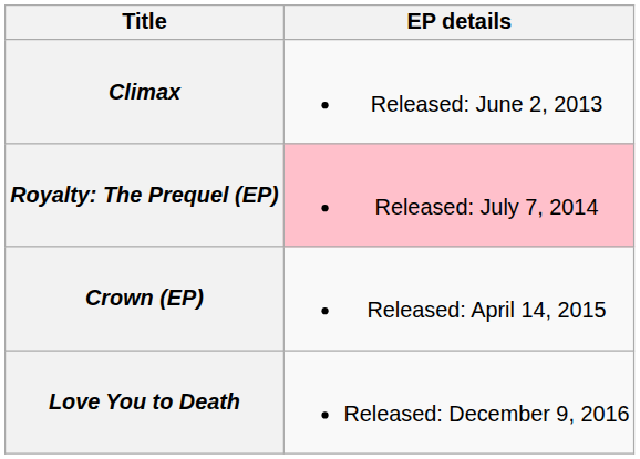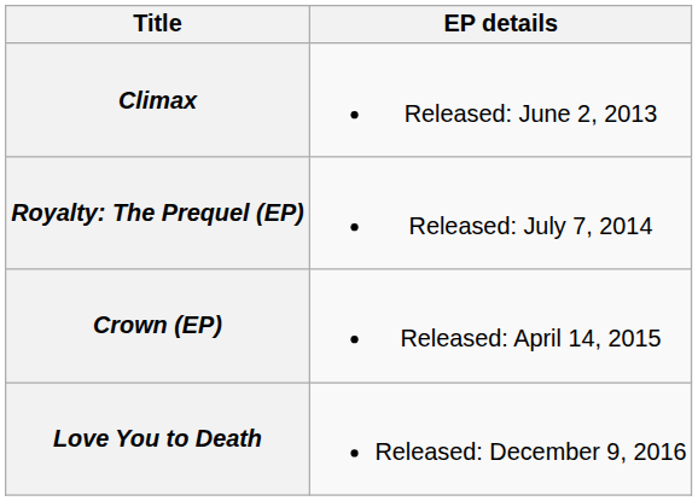 <table class="wikitable plainrowheaders" style="text-align:center;" border="1">
 <tr>
 <th scope="col">Title</th>
 <th scope="col">EP details</th>
 </tr>
 <tr>
 <th scope="row"><em>Climax</em></th>
 <td><br><ul><li>Released: June 2, 2013</li></ul></td>
 </tr>
 <tr>
 <th scope="row"><em>Royalty: The Prequel (EP)</em></th>
-<td style="background: pink;"><br><ul><li>Released: July 7, 2014</li></ul></td>
+<td><br><ul><li>Released: July 7, 2014</li></ul></td>
 </tr>
 <tr>
 <th scope="row"><em>Crown (EP)</em></th>
 <td><br><ul><li>Released: April 14, 2015</li></ul></td>
 </tr>
 <tr>
 <th scope="row"><em>Love You to Death</em></th>
 <td><br><ul><li>Released: December 9, 2016</li></ul></td>
 </tr>
 </table>
